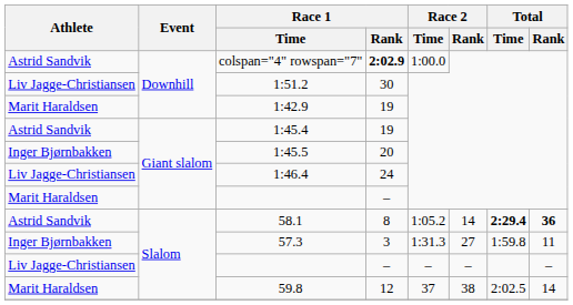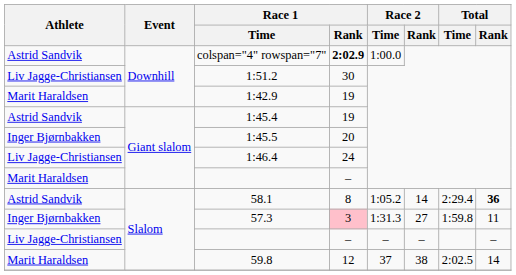 <table class="wikitable" style="font-size:90%">
 <tr>
 <th rowspan="2">Athlete</th>
 <th rowspan="2">Event</th>
 <th colspan="2">Race 1</th>
 <th colspan="2">Race 2</th>
 <th colspan="2">Total</th>
 </tr>
 <tr>
 <th>Time</th>
 <th>Rank</th>
 <th>Time</th>
 <th>Rank</th>
 <th>Time</th>
 <th>Rank</th>
 </tr>
 <tr>
 <td><a href='#'>Astrid Sandvik</a></td>
 <td rowspan="3"><a href='#'>Downhill</a></td>
 <td>colspan="4" rowspan="7" </td>
 <td align="center"><strong>2:02.9</strong></td>
 <td align="center">1:00.0</td>
 </tr>
 <tr>
 <td><a href='#'>Liv Jagge-Christiansen</a></td>
 <td align="center">1:51.2</td>
 <td align="center">30</td>
 </tr>
 <tr>
 <td><a href='#'>Marit Haraldsen</a></td>
 <td align="center">1:42.9</td>
 <td align="center">19</td>
 </tr>
 <tr>
 <td><a href='#'>Astrid Sandvik</a></td>
 <td rowspan="4"><a href='#'>Giant slalom</a></td>
 <td align="center">1:45.4</td>
 <td align="center">19</td>
 </tr>
 <tr>
 <td><a href='#'>Inger Bjørnbakken</a></td>
 <td align="center">1:45.5</td>
 <td align="center">20</td>
 </tr>
 <tr>
 <td><a href='#'>Liv Jagge-Christiansen</a></td>
 <td align="center">1:46.4</td>
 <td align="center">24</td>
 </tr>
 <tr>
 <td><a href='#'>Marit Haraldsen</a></td>
 <td align="center"></td>
 <td align="center">–</td>
 </tr>
 <tr>
 <td><a href='#'>Astrid Sandvik</a></td>
 <td rowspan="4"><a href='#'>Slalom</a></td>
 <td align="center">58.1</td>
 <td align="center">8</td>
 <td align="center">1:05.2</td>
 <td align="center">14</td>
-<td align="center"><strong>2:29.4</strong></td>
+<td align="center">2:29.4</td>
 <td align="center"><strong>36</strong></td>
 </tr>
 <tr>
 <td><a href='#'>Inger Bjørnbakken</a></td>
 <td align="center">57.3</td>
-<td align="center">3</td>
+<td align="center" style="background: pink;">3</td>
 <td align="center">1:31.3</td>
 <td align="center">27</td>
 <td align="center">1:59.8</td>
 <td align="center">11</td>
 </tr>
 <tr>
 <td><a href='#'>Liv Jagge-Christiansen</a></td>
 <td align="center"></td>
 <td align="center">–</td>
 <td align="center">–</td>
 <td align="center">–</td>
 <td align="center"></td>
 <td align="center">–</td>
 </tr>
 <tr>
 <td><a href='#'>Marit Haraldsen</a></td>
 <td align="center">59.8</td>
 <td align="center">12</td>
 <td align="center">37</td>
 <td align="center">38</td>
 <td align="center">2:02.5</td>
 <td align="center">14</td>
 </tr>
 <tr>
 </tr>
 </table>
